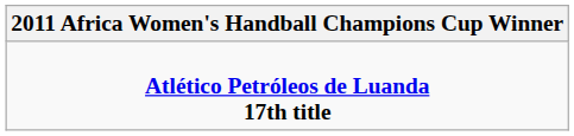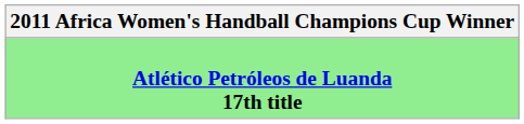 <table class=wikitable style="text-align:center; margin:auto">
 <tr>
 <th>2011 Africa Women's Handball Champions Cup Winner</th>
 </tr>
 <tr>
-<td><br><strong><a href='#'>Atlético Petróleos de Luanda</a></strong><br><strong>17th title</strong></td>
+<td style="background: lightgreen;"><br><strong><a href='#'>Atlético Petróleos de Luanda</a></strong><br><strong>17th title</strong></td>
 </tr>
 </table>
